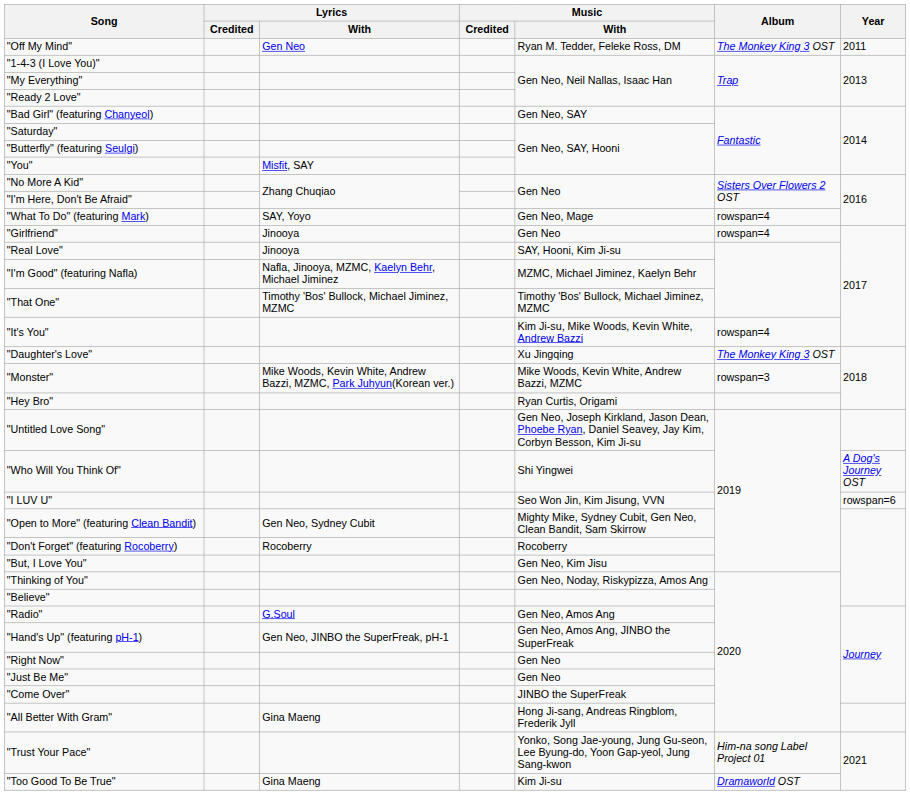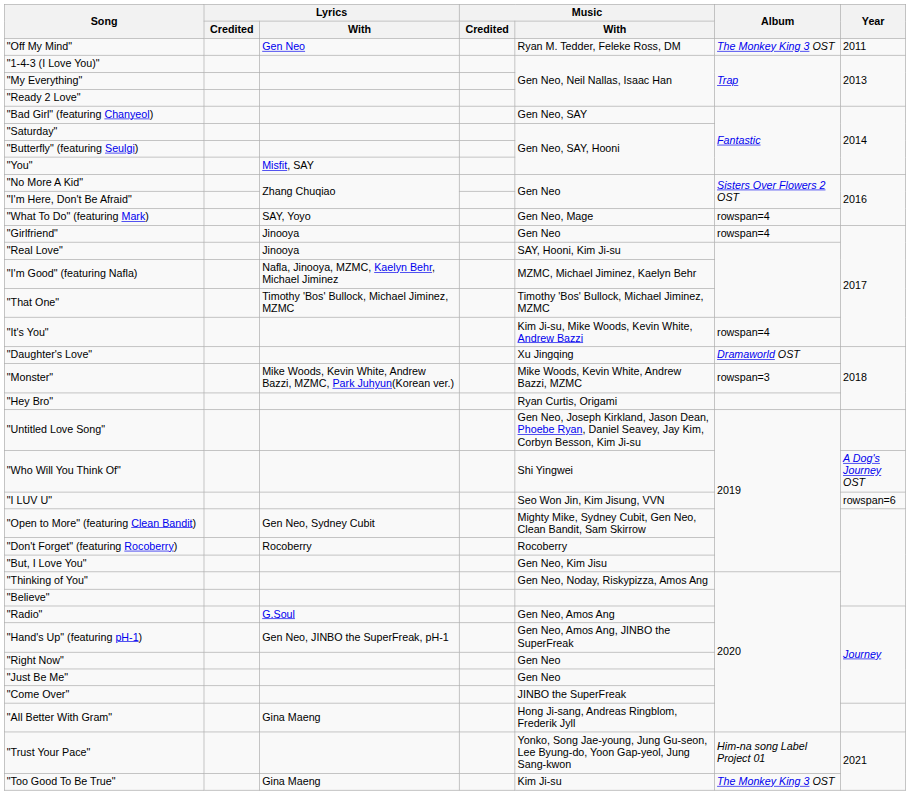 <table class="wikitable" width="85%">
 <tr>
 <th rowspan="2" width="19%">Song</th>
 <th colspan="2">Lyrics</th>
 <th colspan="2">Music</th>
 <th rowspan="2" width="12%">Album</th>
 <th rowspan="2" width="5%">Year</th>
 </tr>
 <tr>
 <th width="5%">Credited</th>
 <th width="19%">With</th>
 <th width="5%">Credited</th>
 <th width="19%">With</th>
 </tr>
 <tr>
 <td>"Off My Mind"</td>
 <td></td>
 <td><a href='#'>Gen Neo</a></td>
 <td></td>
 <td>Ryan M. Tedder, Feleke Ross, DM</td>
 <td><em><a href='#'>The Monkey King 3</a> OST</em></td>
 <td>2011</td>
 </tr>
 <tr>
 <td>"1-4-3 (I Love You)"</td>
 <td></td>
 <td></td>
 <td></td>
 <td rowspan="3">Gen Neo, Neil Nallas, Isaac Han</td>
 <td rowspan="3"><a href='#'><em>Trap</em></a></td>
 <td rowspan="3">2013</td>
 </tr>
 <tr>
 <td>"My Everything"</td>
 <td></td>
 <td></td>
 <td></td>
 </tr>
 <tr>
 <td>"Ready 2 Love"</td>
 <td></td>
 <td></td>
 <td></td>
 </tr>
 <tr>
 <td>"Bad Girl" (featuring <a href='#'>Chanyeol</a>)</td>
 <td></td>
 <td></td>
 <td></td>
 <td>Gen Neo, SAY</td>
 <td rowspan="4"><em><a href='#'>Fantastic</a></em></td>
 <td rowspan="4">2014</td>
 </tr>
 <tr>
 <td>"Saturday"</td>
 <td></td>
 <td></td>
 <td></td>
 <td rowspan="3">Gen Neo, SAY, Hooni</td>
 </tr>
 <tr>
 <td>"Butterfly" (featuring <a href='#'>Seulgi</a>)</td>
 <td></td>
 <td></td>
 <td></td>
 </tr>
 <tr>
 <td>"You"</td>
 <td></td>
 <td><a href='#'>Misfit</a>, SAY</td>
 <td></td>
 </tr>
 <tr>
 <td>"No More A Kid"</td>
 <td></td>
 <td rowspan="2">Zhang Chuqiao</td>
 <td></td>
 <td rowspan="2">Gen Neo</td>
 <td rowspan="2"><em><a href='#'>Sisters Over Flowers 2</a> OST</em></td>
 <td rowspan="3">2016</td>
 </tr>
 <tr>
 <td>"I'm Here, Don't Be Afraid"</td>
 <td></td>
 <td></td>
 </tr>
 <tr>
 <td>"What To Do" (featuring <a href='#'>Mark</a>)</td>
 <td></td>
 <td>SAY, Yoyo</td>
 <td></td>
 <td>Gen Neo, Mage</td>
 <td>rowspan=4 </td>
 </tr>
 <tr>
 <td>"Girlfriend"</td>
 <td></td>
 <td>Jinooya</td>
 <td></td>
 <td>Gen Neo</td>
 <td>rowspan=4 </td>
 <td rowspan="5">2017</td>
 </tr>
 <tr>
 <td>"Real Love"</td>
 <td></td>
 <td>Jinooya</td>
 <td></td>
 <td>SAY, Hooni, Kim Ji-su</td>
 </tr>
 <tr>
 <td>"I'm Good" (featuring Nafla)</td>
 <td></td>
 <td>Nafla, Jinooya, MZMC, <a href='#'>Kaelyn Behr</a>, Michael Jiminez</td>
 <td></td>
 <td>MZMC, Michael Jiminez, Kaelyn Behr</td>
 </tr>
 <tr>
 <td>"That One"</td>
 <td></td>
 <td>Timothy 'Bos' Bullock, Michael Jiminez, MZMC</td>
 <td></td>
 <td>Timothy 'Bos' Bullock, Michael Jiminez, MZMC</td>
 </tr>
 <tr>
 <td>"It's You"</td>
 <td></td>
 <td></td>
 <td></td>
 <td>Kim Ji-su, Mike Woods, Kevin White, <a href='#'>Andrew Bazzi</a></td>
 <td>rowspan=4 </td>
 </tr>
 <tr>
 <td>"Daughter's Love"</td>
 <td></td>
 <td></td>
 <td></td>
 <td>Xu Jingqing</td>
-<td><em><a href='#'>The Monkey King 3</a> OST</em></td>
+<td><em><a href='#'>Dramaworld</a></em> <em>OST</em></td>
 <td rowspan="3">2018</td>
 </tr>
 <tr>
 <td>"Monster"</td>
 <td></td>
 <td>Mike Woods, Kevin White, Andrew Bazzi, MZMC, <a href='#'>Park Juhyun</a>(Korean ver.) </td>
 <td></td>
 <td>Mike Woods, Kevin White, Andrew Bazzi, MZMC</td>
 <td>rowspan=3 </td>
 </tr>
 <tr>
 <td>"Hey Bro"</td>
 <td></td>
 <td></td>
 <td></td>
 <td>Ryan Curtis, Origami</td>
 </tr>
 <tr>
 <td>"Untitled Love Song"</td>
 <td></td>
 <td></td>
 <td></td>
 <td>Gen Neo, Joseph Kirkland, Jason Dean, <a href='#'>Phoebe Ryan</a>, Daniel Seavey, Jay Kim, Corbyn Besson, Kim Ji-su</td>
 <td rowspan="6">2019</td>
 </tr>
 <tr>
 <td>"Who Will You Think Of"</td>
 <td></td>
 <td></td>
 <td></td>
 <td>Shi Yingwei</td>
 <td><em><a href='#'>A Dog's Journey</a> OST</em></td>
 </tr>
 <tr>
 <td>"I LUV U"</td>
 <td></td>
 <td></td>
 <td></td>
 <td>Seo Won Jin, Kim Jisung, VVN</td>
 <td>rowspan=6 </td>
 </tr>
 <tr>
 <td>"Open to More" (featuring <a href='#'>Clean Bandit</a>)</td>
 <td></td>
 <td>Gen Neo, Sydney Cubit</td>
 <td></td>
 <td>Mighty Mike, Sydney Cubit, Gen Neo, Clean Bandit, Sam Skirrow</td>
 </tr>
 <tr>
 <td>"Don't Forget" (featuring <a href='#'>Rocoberry</a>)</td>
 <td></td>
 <td>Rocoberry</td>
 <td></td>
 <td>Rocoberry</td>
 </tr>
 <tr>
 <td>"But, I Love You"</td>
 <td></td>
 <td></td>
 <td></td>
 <td>Gen Neo, Kim Jisu</td>
 </tr>
 <tr>
 <td>"Thinking of You"</td>
 <td></td>
 <td></td>
 <td></td>
 <td>Gen Neo, Noday, Riskypizza, Amos Ang</td>
 <td rowspan="8">2020</td>
 </tr>
 <tr>
 <td>"Believe"</td>
 <td></td>
 <td></td>
 <td></td>
 <td></td>
 </tr>
 <tr>
 <td>"Radio"</td>
 <td></td>
 <td><a href='#'>G.Soul</a></td>
 <td></td>
 <td>Gen Neo, Amos Ang</td>
 <td rowspan="5"><a href='#'><em>Journey</em></a></td>
 </tr>
 <tr>
 <td>"Hand's Up" (featuring <a href='#'>pH-1</a>)</td>
 <td></td>
 <td>Gen Neo, JINBO the SuperFreak, pH-1</td>
 <td></td>
 <td>Gen Neo, Amos Ang, JINBO the SuperFreak</td>
 </tr>
 <tr>
 <td>"Right Now"</td>
 <td></td>
 <td></td>
 <td></td>
 <td>Gen Neo</td>
 </tr>
 <tr>
 <td>"Just Be Me"</td>
 <td></td>
 <td></td>
 <td></td>
 <td>Gen Neo</td>
 </tr>
 <tr>
 <td>"Come Over"</td>
 <td></td>
 <td></td>
 <td></td>
 <td>JINBO the SuperFreak</td>
 </tr>
 <tr>
 <td>"All Better With Gram"</td>
 <td></td>
 <td>Gina Maeng</td>
 <td></td>
 <td>Hong Ji-sang, Andreas Ringblom, Frederik Jyll</td>
 <td></td>
 </tr>
 <tr>
 <td>"Trust Your Pace"</td>
 <td></td>
 <td></td>
 <td></td>
 <td>Yonko, Song Jae-young, Jung Gu-seon, Lee Byung-do, Yoon Gap-yeol, Jung Sang-kwon</td>
 <td><em>Him-na song Label Project 01</em></td>
 <td rowspan=2>2021</td>
 </tr>
 <tr>
 <td>"Too Good To Be True"</td>
 <td></td>
 <td>Gina Maeng</td>
 <td></td>
 <td>Kim Ji-su</td>
-<td><em><a href='#'>Dramaworld</a></em> <em>OST</em></td>
+<td><em><a href='#'>The Monkey King 3</a> OST</em></td>
 </tr>
 </table>
